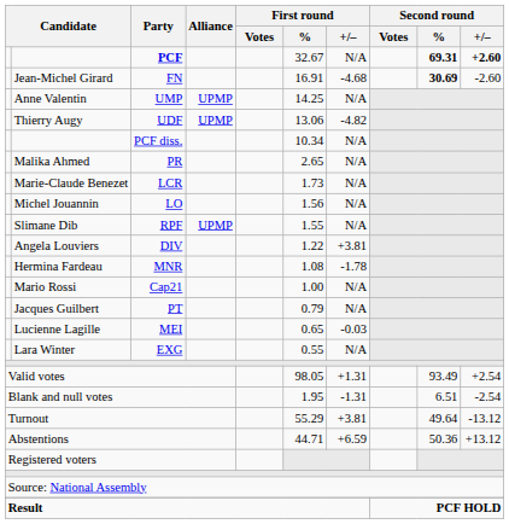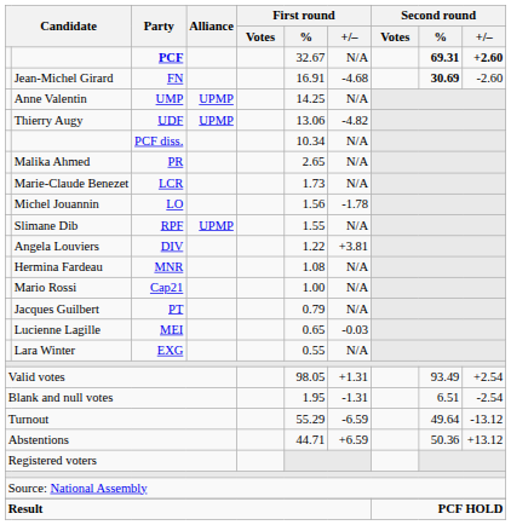 <table class="wikitable" style="text-align:right;font-size:95%;">
 <tr>
 <th rowspan="2" colspan="2">Candidate</th>
 <th rowspan="2">Party</th>
 <th rowspan="2">Alliance</th>
 <th colspan="3">First round</th>
 <th colspan="3">Second round</th>
 </tr>
 <tr>
 <th style="width:50px;">Votes</th>
 <th style="width:45px;">%</th>
 <th style="width:45px;">+/–</th>
 <th style="width:50px;">Votes</th>
 <th style="width:45px;">%</th>
 <th style="width:45px;">+/–</th>
 </tr>
 <tr>
 <td style="color:inherit;background:"></td>
 <td style="text-align:left;"><strong></strong></td>
 <td><a href='#'><strong>PCF</strong></a> </td>
 <td></td>
 <td></td>
 <td>32.67</td>
 <td>N/A</td>
 <td><strong></strong></td>
 <td><strong>69.31</strong></td>
 <td><strong>+2.60</strong></td>
 </tr>
 <tr>
 <td style="color:inherit;background:"></td>
 <td style="text-align:left;">Jean-Michel Girard</td>
 <td><a href='#'>FN</a> </td>
 <td></td>
 <td></td>
 <td>16.91</td>
 <td>-4.68</td>
 <td></td>
 <td><strong>30.69</strong></td>
 <td>-2.60</td>
 </tr>
 <tr>
 <td style="color:inherit;background:"></td>
 <td style="text-align:left;">Anne Valentin</td>
 <td><a href='#'>UMP</a></td>
 <td><a href='#'>UPMP</a></td>
 <td></td>
 <td>14.25</td>
 <td>N/A</td>
 <td colspan="3" style="background:#E9E9E9;"></td>
 </tr>
 <tr>
 <td style="color:inherit;background:"></td>
 <td style="text-align:left;">Thierry Augy</td>
 <td><a href='#'>UDF</a></td>
 <td><a href='#'>UPMP</a></td>
 <td></td>
 <td>13.06</td>
 <td>-4.82</td>
 <td colspan="3" style="background:#E9E9E9;"></td>
 </tr>
 <tr>
 <td style="color:inherit;background:"></td>
 <td style="text-align:left;"></td>
 <td><a href='#'>PCF diss.</a></td>
 <td></td>
 <td></td>
 <td>10.34</td>
 <td>N/A</td>
 <td colspan="3" style="background:#E9E9E9;"></td>
 </tr>
 <tr>
 <td style="color:inherit;background:"></td>
 <td style="text-align:left;">Malika Ahmed</td>
 <td><a href='#'>PR</a></td>
 <td></td>
 <td></td>
 <td>2.65</td>
 <td>N/A</td>
 <td colspan="3" style="background:#E9E9E9;"></td>
 </tr>
 <tr>
 <td style="color:inherit;background:"></td>
 <td style="text-align:left;">Marie-Claude Benezet</td>
 <td><a href='#'>LCR</a></td>
 <td></td>
 <td></td>
 <td>1.73</td>
 <td>N/A</td>
 <td colspan="3" style="background:#E9E9E9;"></td>
 </tr>
 <tr>
 <td style="color:inherit;background:"></td>
 <td style="text-align:left;">Michel Jouannin</td>
 <td><a href='#'>LO</a></td>
 <td></td>
 <td></td>
 <td>1.56</td>
-<td>N/A</td>
+<td>-1.78</td>
 <td colspan="3" style="background:#E9E9E9;"></td>
 </tr>
 <tr>
 <td style="color:inherit;background:"></td>
 <td style="text-align:left;">Slimane Dib</td>
 <td><a href='#'>RPF</a></td>
 <td><a href='#'>UPMP</a></td>
 <td></td>
 <td>1.55</td>
 <td>N/A</td>
 <td colspan="3" style="background:#E9E9E9;"></td>
 </tr>
 <tr>
 <td style="color:inherit;background:"></td>
 <td style="text-align:left;">Angela Louviers</td>
 <td><a href='#'>DIV</a></td>
 <td></td>
 <td></td>
 <td>1.22</td>
 <td>+3.81</td>
 <td colspan="3" style="background:#E9E9E9;"></td>
 </tr>
 <tr>
 <td style="color:inherit;background:"></td>
 <td style="text-align:left;">Hermina Fardeau</td>
 <td><a href='#'>MNR</a></td>
 <td></td>
 <td></td>
 <td>1.08</td>
-<td>-1.78</td>
+<td>N/A</td>
 <td colspan="3" style="background:#E9E9E9;"></td>
 </tr>
 <tr>
 <td style="color:inherit;background:"></td>
 <td style="text-align:left;">Mario Rossi</td>
 <td><a href='#'>Cap21</a></td>
 <td></td>
 <td></td>
 <td>1.00</td>
 <td>N/A</td>
 <td colspan="3" style="background:#E9E9E9;"></td>
 </tr>
 <tr>
 <td style="color:inherit;background:"></td>
 <td style="text-align:left;">Jacques Guilbert</td>
 <td><a href='#'>PT</a></td>
 <td></td>
 <td></td>
 <td>0.79</td>
 <td>N/A</td>
 <td colspan="3" style="background:#E9E9E9;"></td>
 </tr>
 <tr>
 <td style="color:inherit;background:"></td>
 <td style="text-align:left;">Lucienne Lagille</td>
 <td><a href='#'>MEI</a></td>
 <td></td>
 <td></td>
 <td>0.65</td>
 <td>-0.03</td>
 <td colspan="3" style="background:#E9E9E9;"></td>
 </tr>
 <tr>
 <td style="color:inherit;background:"></td>
 <td style="text-align:left;">Lara Winter</td>
 <td><a href='#'>EXG</a></td>
 <td></td>
 <td></td>
 <td>0.55</td>
 <td>N/A</td>
 <td colspan="3" style="background:#E9E9E9;"></td>
 </tr>
 <tr>
 <td colspan="10" style="background:#E9E9E9;"></td>
 </tr>
 <tr>
 <td colspan="4" style="text-align:left;">Valid votes</td>
 <td></td>
 <td>98.05</td>
 <td>+1.31</td>
 <td></td>
 <td>93.49</td>
 <td>+2.54</td>
 </tr>
 <tr>
 <td colspan="4" style="text-align:left;">Blank and null votes</td>
 <td></td>
 <td>1.95</td>
 <td>-1.31</td>
 <td></td>
 <td>6.51</td>
 <td>-2.54</td>
 </tr>
 <tr>
 <td colspan="4" style="text-align:left;">Turnout</td>
 <td></td>
 <td>55.29</td>
-<td>+3.81</td>
+<td>-6.59</td>
 <td></td>
 <td>49.64</td>
 <td>-13.12</td>
 </tr>
 <tr>
 <td colspan="4" style="text-align:left;">Abstentions</td>
 <td></td>
 <td>44.71</td>
 <td>+6.59</td>
 <td></td>
 <td>50.36</td>
 <td>+13.12</td>
 </tr>
 <tr>
 <td colspan="4" style="text-align:left;">Registered voters</td>
 <td></td>
 <td colspan="2" style="background:#E9E9E9;"></td>
 <td></td>
 <td colspan="2" style="background:#E9E9E9;"></td>
 </tr>
 <tr>
 <td colspan="10" style="background:#E9E9E9;"></td>
 </tr>
 <tr>
 <td colspan="10" style="text-align:left;">Source: <a href='#'>National Assembly</a></td>
 </tr>
 <tr>
 </tr>
 <tr style="font-weight:bold">
 <td colspan="7" style="text-align:left;">Result</td>
 <td colspan="7" style="background-color:">PCF HOLD</td>
 </tr>
 </table>
